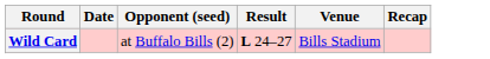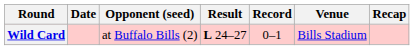 <table class="wikitable" style="text-align:center">
 <tr>
 <th>Round</th>
 <th>Date</th>
 <th>Opponent (seed)</th>
 <th>Result</th>
+<th>Record</th>
 <th>Venue</th>
 <th>Recap</th>
 </tr>
 <tr style="background:#fcc">
 <th><a href='#'>Wild Card</a></th>
 <td></td>
 <td>at <a href='#'>Buffalo Bills</a> (2)</td>
 <td><strong>L</strong> 24–27</td>
+<td>0–1</td>
 <td><a href='#'>Bills Stadium</a></td>
 <td></td>
 </tr>
 </table>
